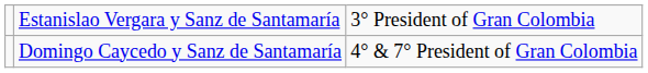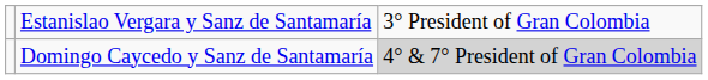 <table class="wikitable">
 <tr>
 <td></td>
 <td><a href='#'>Estanislao Vergara y Sanz de Santamaría</a></td>
 <td>3° President of <a href='#'>Gran Colombia</a></td>
 </tr>
 <tr>
 <td></td>
 <td><a href='#'>Domingo Caycedo y Sanz de Santamaría</a></td>
-<td>4° & 7° President of <a href='#'>Gran Colombia</a></td>
+<td style="background: lightgrey;">4° & 7° President of <a href='#'>Gran Colombia</a></td>
 </tr>
 </table>
